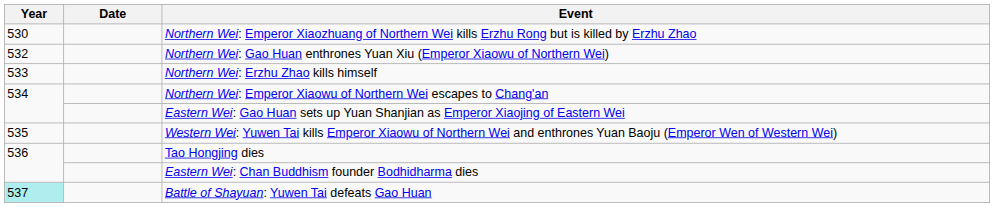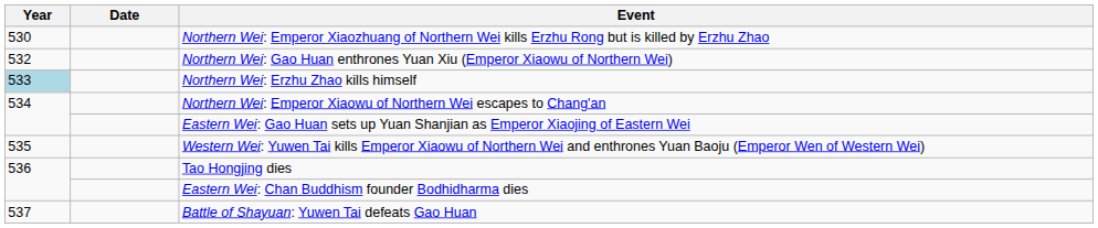 <table class="wikitable" style="width:100%;">
 <tr>
 <th style="width:6%">Year</th>
 <th style="width:10%">Date</th>
 <th>Event</th>
 </tr>
 <tr>
 <td>530</td>
 <td></td>
 <td><em><a href='#'>Northern Wei</a></em>: <a href='#'>Emperor Xiaozhuang of Northern Wei</a> kills <a href='#'>Erzhu Rong</a> but is killed by <a href='#'>Erzhu Zhao</a></td>
 </tr>
 <tr>
 <td>532</td>
 <td></td>
 <td><em><a href='#'>Northern Wei</a></em>: <a href='#'>Gao Huan</a> enthrones Yuan Xiu (<a href='#'>Emperor Xiaowu of Northern Wei</a>)</td>
 </tr>
 <tr>
-<td>533</td>
+<td style="background: lightblue;">533</td>
 <td></td>
 <td><em><a href='#'>Northern Wei</a></em>: <a href='#'>Erzhu Zhao</a> kills himself</td>
 </tr>
 <tr>
 <td rowspan="2" style="vertical-align:top;">534</td>
 <td></td>
 <td><em><a href='#'>Northern Wei</a></em>: <a href='#'>Emperor Xiaowu of Northern Wei</a> escapes to <a href='#'>Chang'an</a></td>
 </tr>
 <tr>
 <td></td>
 <td><em><a href='#'>Eastern Wei</a></em>: <a href='#'>Gao Huan</a> sets up Yuan Shanjian as <a href='#'>Emperor Xiaojing of Eastern Wei</a></td>
 </tr>
 <tr>
 <td>535</td>
 <td></td>
 <td><em><a href='#'>Western Wei</a></em>: <a href='#'>Yuwen Tai</a> kills <a href='#'>Emperor Xiaowu of Northern Wei</a> and enthrones Yuan Baoju (<a href='#'>Emperor Wen of Western Wei</a>)</td>
 </tr>
 <tr>
 <td rowspan="2" style="vertical-align:top;">536</td>
 <td></td>
 <td><a href='#'>Tao Hongjing</a> dies</td>
 </tr>
 <tr>
 <td></td>
 <td><em><a href='#'>Eastern Wei</a></em>: <a href='#'>Chan Buddhism</a> founder <a href='#'>Bodhidharma</a> dies</td>
 </tr>
 <tr>
-<td style="background: paleturquoise;">537</td>
+<td>537</td>
 <td></td>
 <td><em><a href='#'>Battle of Shayuan</a></em>: <a href='#'>Yuwen Tai</a> defeats <a href='#'>Gao Huan</a></td>
 </tr>
 </table>
